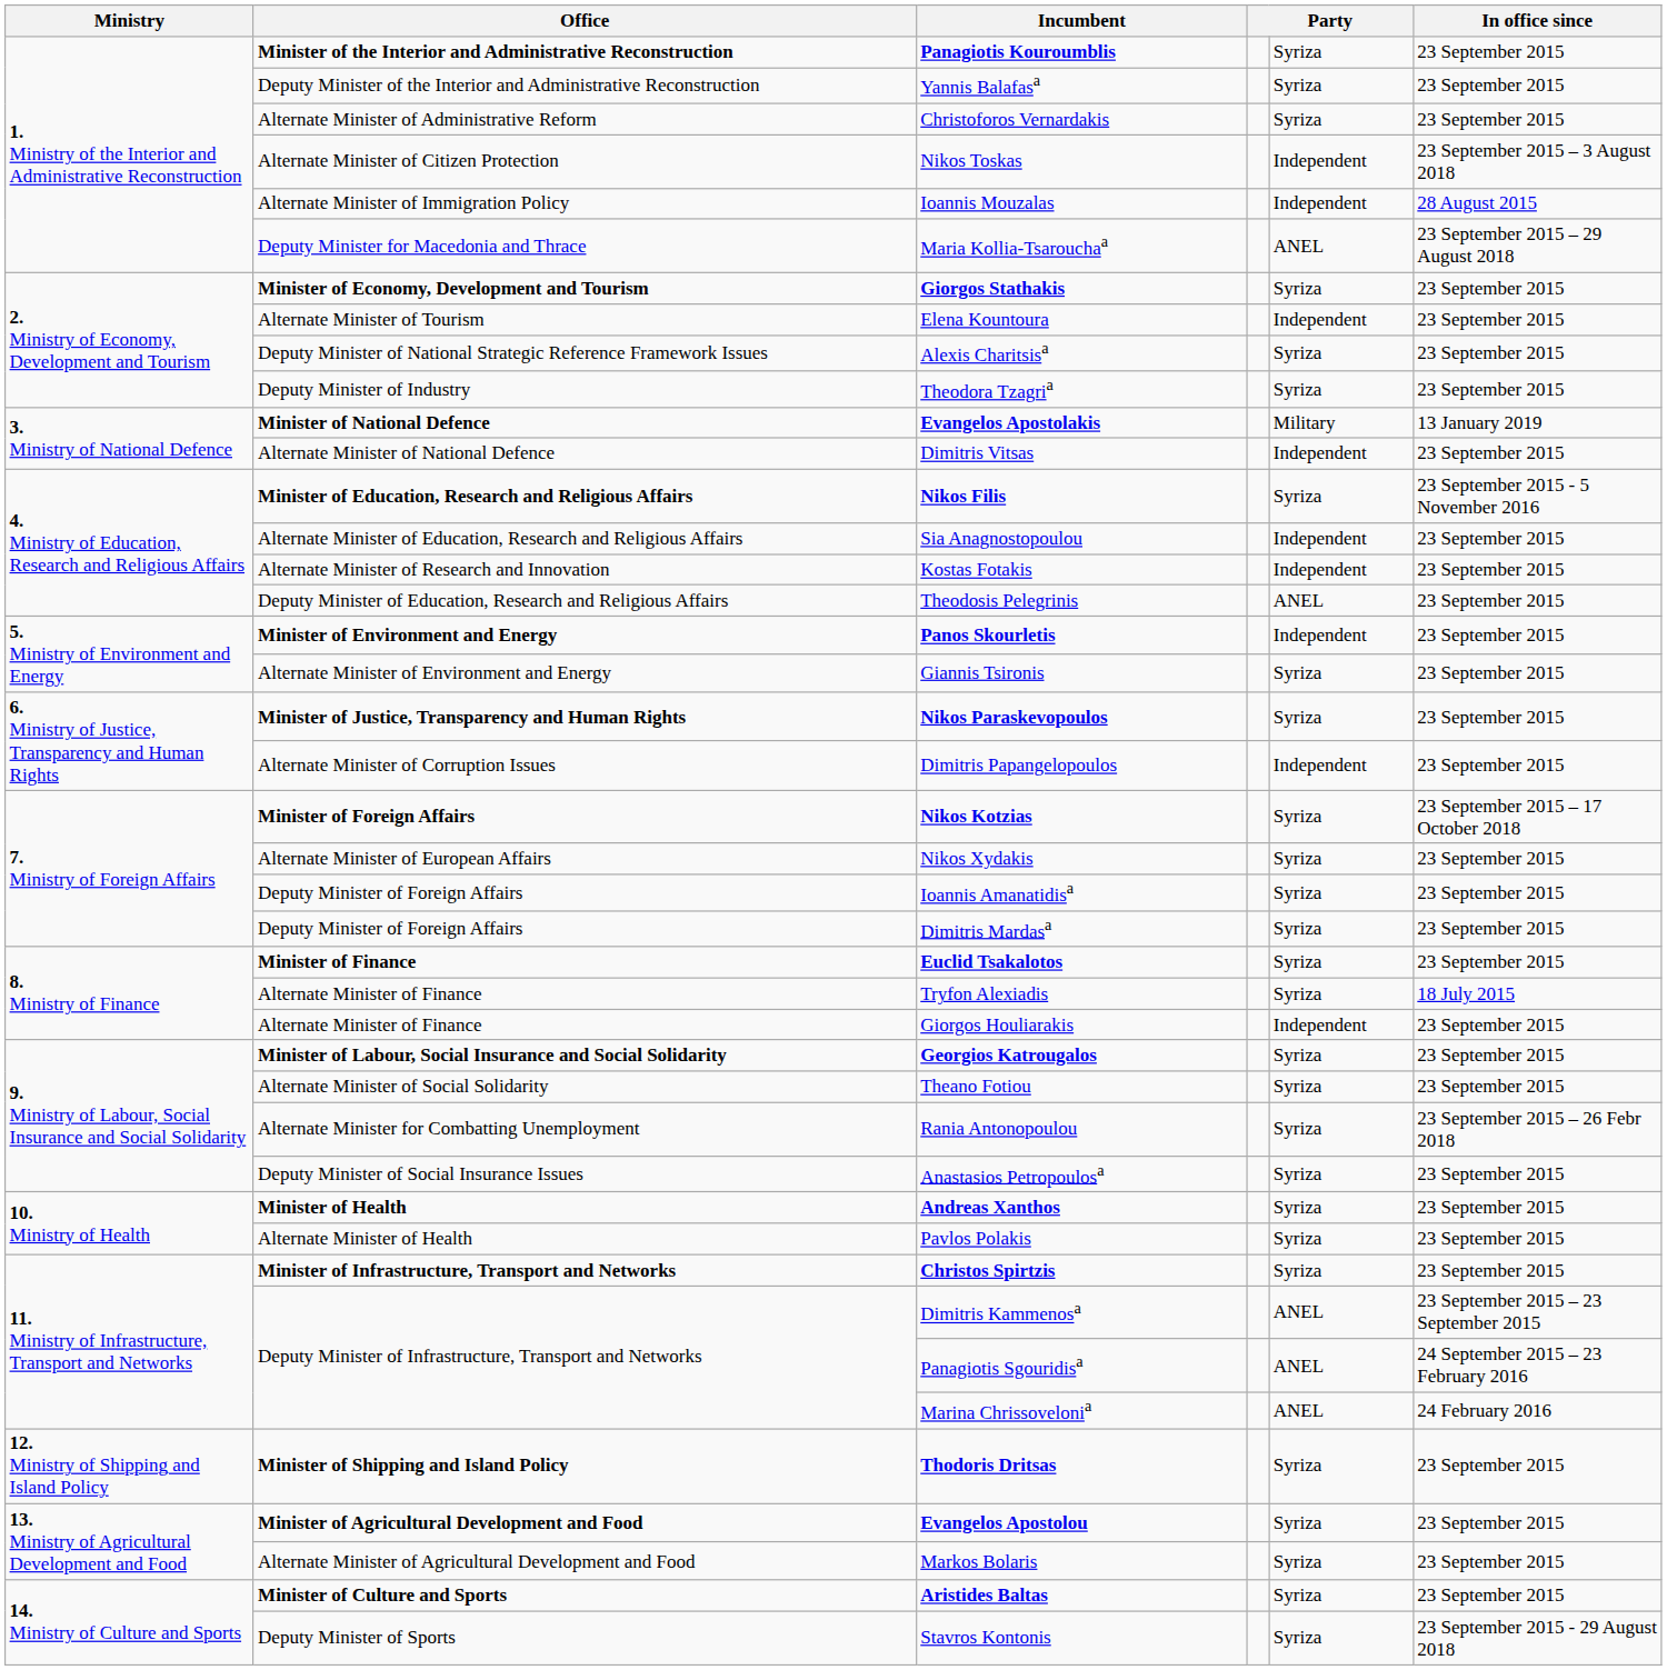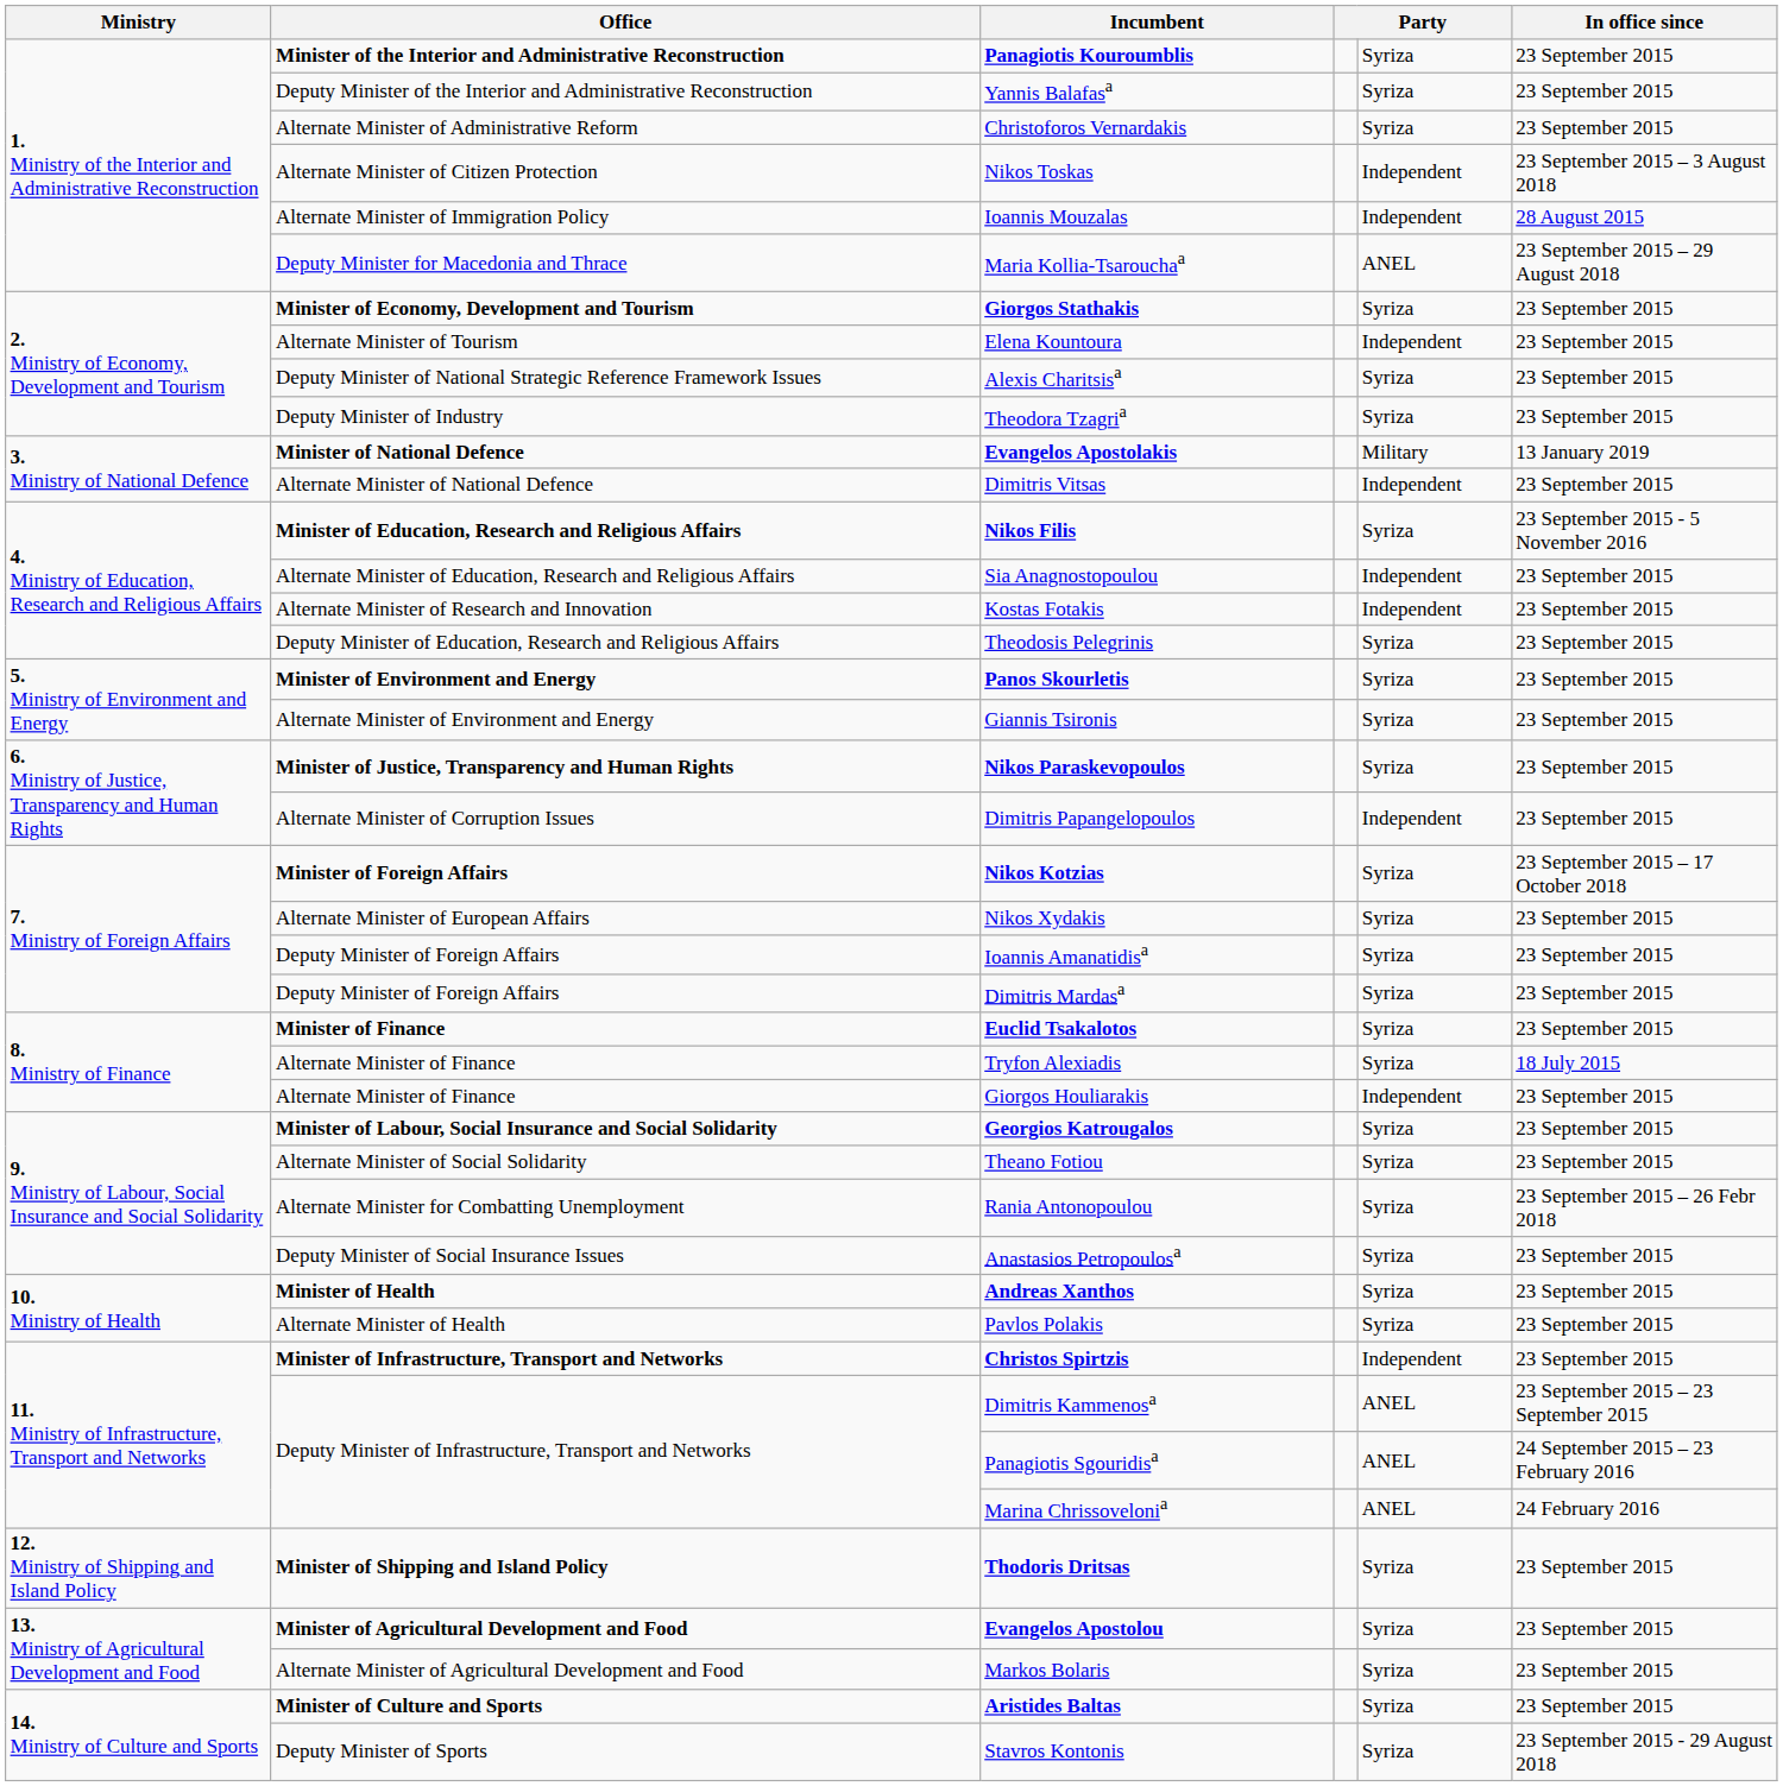 <table class="wikitable" style="width: 100%; font-size: 90%;">
 <tr>
 <th width="15%">Ministry</th>
 <th width="40%">Office</th>
 <th width="20%">Incumbent</th>
 <th width="10%" colspan="2">Party</th>
 <th width="15%">In office since</th>
 </tr>
 <tr>
 <td rowspan=6><strong>1.</strong><br><a href='#'>Ministry of the Interior and Administrative Reconstruction</a></td>
 <td><strong>Minister of the Interior and Administrative Reconstruction</strong></td>
 <td><strong><a href='#'>Panagiotis Kouroumblis</a></strong></td>
 <td width="5" style="background-color: "></td>
 <td>Syriza</td>
 <td>23 September 2015</td>
 </tr>
 <tr>
 <td>Deputy Minister of the Interior and Administrative Reconstruction</td>
 <td><a href='#'>Yannis Balafas</a><sup>a</sup></td>
 <td width="5" style="background-color: "></td>
 <td>Syriza</td>
 <td>23 September 2015</td>
 </tr>
 <tr>
 <td>Alternate Minister of Administrative Reform</td>
 <td><a href='#'>Christoforos Vernardakis</a></td>
 <td width="5" style="background-color: "></td>
 <td>Syriza</td>
 <td>23 September 2015</td>
 </tr>
 <tr>
 <td>Alternate Minister of Citizen Protection</td>
 <td><a href='#'>Nikos Toskas</a></td>
 <td width="5" style="background-color: "></td>
 <td>Independent</td>
 <td>23 September 2015 – 3 August 2018</td>
 </tr>
 <tr>
 <td>Alternate Minister of Immigration Policy</td>
 <td><a href='#'>Ioannis Mouzalas</a></td>
 <td width="5" style="background-color: "></td>
 <td>Independent</td>
 <td><a href='#'>28 August 2015</a></td>
 </tr>
 <tr>
 <td><a href='#'>Deputy Minister for Macedonia and Thrace</a></td>
 <td><a href='#'>Maria Kollia-Tsaroucha</a><sup>a</sup></td>
 <td width="5" style="background-color: "></td>
 <td>ANEL</td>
 <td>23 September 2015 – 29 August 2018</td>
 </tr>
 <tr>
 <td rowspan=4><strong>2.</strong><br><a href='#'>Ministry of Economy, Development and Tourism</a></td>
 <td><strong>Minister of Economy, Development and Tourism</strong></td>
 <td><strong><a href='#'>Giorgos Stathakis</a></strong></td>
 <td width="5" style="background-color: "></td>
 <td>Syriza</td>
 <td>23 September 2015</td>
 </tr>
 <tr>
 <td>Alternate Minister of Tourism</td>
 <td><a href='#'>Elena Kountoura</a></td>
 <td width="5" style="background-color: "></td>
 <td>Independent</td>
 <td>23 September 2015</td>
 </tr>
 <tr>
 <td>Deputy Minister of National Strategic Reference Framework Issues</td>
 <td><a href='#'>Alexis Charitsis</a><sup>a</sup></td>
 <td width="5" style="background-color: "></td>
 <td>Syriza</td>
 <td>23 September 2015</td>
 </tr>
 <tr>
 <td>Deputy Minister of Industry</td>
 <td><a href='#'>Theodora Tzagri</a><sup>a</sup></td>
 <td width="5" style="background-color: "></td>
 <td>Syriza</td>
 <td>23 September 2015</td>
 </tr>
 <tr>
 <td rowspan=2><strong>3.</strong><br><a href='#'>Ministry of National Defence</a></td>
 <td><strong>Minister of National Defence</strong></td>
 <td><strong><a href='#'>Evangelos Apostolakis</a></strong></td>
 <td width="5" style="background-color: "></td>
 <td>Military</td>
 <td>13 January 2019</td>
 </tr>
 <tr>
 <td>Alternate Minister of National Defence</td>
 <td><a href='#'>Dimitris Vitsas</a></td>
 <td width="5" style="background-color: "></td>
 <td>Independent</td>
 <td>23 September 2015</td>
 </tr>
 <tr>
 <td rowspan=4><strong>4.</strong><br><a href='#'>Ministry of Education, Research and Religious Affairs</a></td>
 <td><strong>Minister of Education, Research and Religious Affairs</strong></td>
 <td><strong><a href='#'>Nikos Filis</a></strong></td>
 <td width="5" style="background-color: "></td>
 <td>Syriza</td>
 <td>23 September 2015 - 5 November 2016</td>
 </tr>
 <tr>
 <td>Alternate Minister of Education, Research and Religious Affairs</td>
 <td><a href='#'>Sia Anagnostopoulou</a></td>
 <td width="5" style="background-color: "></td>
 <td>Independent</td>
 <td>23 September 2015</td>
 </tr>
 <tr>
 <td>Alternate Minister of Research and Innovation</td>
 <td><a href='#'>Kostas Fotakis</a></td>
 <td width="5" style="background-color: "></td>
 <td>Independent</td>
 <td>23 September 2015</td>
 </tr>
 <tr>
 <td>Deputy Minister of Education, Research and Religious Affairs</td>
 <td><a href='#'>Theodosis Pelegrinis</a></td>
 <td width="5" style="background-color: "></td>
-<td>ANEL</td>
+<td>Syriza</td>
 <td>23 September 2015</td>
 </tr>
 <tr>
 <td rowspan=2><strong>5.</strong><br><a href='#'>Ministry of Environment and Energy</a></td>
 <td><strong>Minister of Environment and Energy</strong></td>
 <td><strong><a href='#'>Panos Skourletis</a></strong></td>
 <td width="5" style="background-color: "></td>
-<td>Independent</td>
+<td>Syriza</td>
 <td>23 September 2015</td>
 </tr>
 <tr>
 <td>Alternate Minister of Environment and Energy</td>
 <td><a href='#'>Giannis Tsironis</a></td>
 <td width="5" style="background-color: "></td>
 <td>Syriza</td>
 <td>23 September 2015</td>
 </tr>
 <tr>
 <td rowspan=2><strong>6.</strong><br><a href='#'>Ministry of Justice, Transparency and Human Rights</a></td>
 <td><strong>Minister of Justice, Transparency and Human Rights</strong></td>
 <td><strong><a href='#'>Nikos Paraskevopoulos</a></strong></td>
 <td width="5" style="background-color: "></td>
 <td>Syriza</td>
 <td>23 September 2015</td>
 </tr>
 <tr>
 <td>Alternate Minister of Corruption Issues</td>
 <td><a href='#'>Dimitris Papangelopoulos</a></td>
 <td width="5" style="background-color: "></td>
 <td>Independent</td>
 <td>23 September 2015</td>
 </tr>
 <tr>
 <td rowspan=4><strong>7.</strong><br><a href='#'>Ministry of Foreign Affairs</a></td>
 <td><strong>Minister of Foreign Affairs</strong></td>
 <td><strong><a href='#'>Nikos Kotzias</a></strong></td>
 <td width="5" style="background-color: "></td>
 <td>Syriza</td>
 <td>23 September 2015 – 17 October 2018</td>
 </tr>
 <tr>
 <td>Alternate Minister of European Affairs</td>
 <td><a href='#'>Nikos Xydakis</a></td>
 <td width="5" style="background-color: "></td>
 <td>Syriza</td>
 <td>23 September 2015</td>
 </tr>
 <tr 5 November 2016>
 <td>Deputy Minister of Foreign Affairs</td>
 <td><a href='#'>Ioannis Amanatidis</a><sup>a</sup></td>
 <td width="5" style="background-color: "></td>
 <td>Syriza</td>
 <td>23 September 2015</td>
 </tr>
 <tr>
 <td>Deputy Minister of Foreign Affairs</td>
 <td><a href='#'>Dimitris Mardas</a><sup>a</sup></td>
 <td width="5" style="background-color: "></td>
 <td>Syriza</td>
 <td>23 September 2015</td>
 </tr>
 <tr>
 <td rowspan=3><strong>8.</strong><br><a href='#'>Ministry of Finance</a></td>
 <td><strong>Minister of Finance</strong></td>
 <td><strong><a href='#'>Euclid Tsakalotos</a></strong></td>
 <td width="5" style="background-color: "></td>
 <td>Syriza</td>
 <td>23 September 2015</td>
 </tr>
 <tr>
 <td>Alternate Minister of Finance</td>
 <td><a href='#'>Tryfon Alexiadis</a></td>
 <td width="5" style="background-color: "></td>
 <td>Syriza</td>
 <td><a href='#'>18 July 2015</a></td>
 </tr>
 <tr>
 <td>Alternate Minister of Finance</td>
 <td><a href='#'>Giorgos Houliarakis</a></td>
 <td width="5" style="background-color: "></td>
 <td>Independent</td>
 <td>23 September 2015</td>
 </tr>
 <tr>
 <td rowspan=4><strong>9.</strong><br><a href='#'>Ministry of Labour, Social Insurance and Social Solidarity</a></td>
 <td><strong>Minister of Labour, Social Insurance and Social Solidarity</strong></td>
 <td><strong><a href='#'>Georgios Katrougalos</a></strong></td>
 <td width="5" style="background-color: "></td>
 <td>Syriza</td>
 <td>23 September 2015</td>
 </tr>
 <tr>
 <td>Alternate Minister of Social Solidarity</td>
 <td><a href='#'>Theano Fotiou</a></td>
 <td width="5" style="background-color: "></td>
 <td>Syriza</td>
 <td>23 September 2015</td>
 </tr>
 <tr>
 <td>Alternate Minister for Combatting Unemployment</td>
 <td><a href='#'>Rania Antonopoulou</a></td>
 <td width="5" style="background-color: "></td>
 <td>Syriza</td>
 <td>23 September 2015 – 26 Febr 2018</td>
 </tr>
 <tr>
 <td>Deputy Minister of Social Insurance Issues</td>
 <td><a href='#'>Anastasios Petropoulos</a><sup>a</sup></td>
 <td width="5" style="background-color: "></td>
 <td>Syriza</td>
 <td>23 September 2015</td>
 </tr>
 <tr>
 <td rowspan=2><strong>10.</strong><br><a href='#'>Ministry of Health</a></td>
 <td><strong>Minister of Health</strong></td>
 <td><strong><a href='#'>Andreas Xanthos</a></strong></td>
 <td width="5" style="background-color: "></td>
 <td>Syriza</td>
 <td>23 September 2015</td>
 </tr>
 <tr>
 <td>Alternate Minister of Health</td>
 <td><a href='#'>Pavlos Polakis</a></td>
 <td width="5" style="background-color: "></td>
 <td>Syriza</td>
 <td>23 September 2015</td>
 </tr>
 <tr>
 <td rowspan=4><strong>11.</strong><br><a href='#'>Ministry of Infrastructure, Transport and Networks</a></td>
 <td><strong>Minister of Infrastructure, Transport and Networks</strong></td>
 <td><strong><a href='#'>Christos Spirtzis</a></strong></td>
 <td width="5" style="background-color: "></td>
-<td>Syriza</td>
+<td>Independent</td>
 <td>23 September 2015</td>
 </tr>
 <tr>
 <td rowspan=3>Deputy Minister of Infrastructure, Transport and Networks</td>
 <td><a href='#'>Dimitris Kammenos</a><sup>a</sup></td>
 <td width="5" style="background-color: "></td>
 <td>ANEL</td>
 <td>23 September 2015 – 23 September 2015</td>
 </tr>
 <tr>
 <td><a href='#'>Panagiotis Sgouridis</a><sup>a</sup></td>
 <td width="5" style="background-color: "></td>
 <td>ANEL</td>
 <td>24 September 2015 – 23 February 2016</td>
 </tr>
 <tr>
 <td><a href='#'>Marina Chrissoveloni</a><sup>a</sup></td>
 <td width="5" style="background-color: "></td>
 <td>ANEL</td>
 <td>24 February 2016</td>
 </tr>
 <tr>
 <td><strong>12.</strong><br><a href='#'>Ministry of Shipping and Island Policy</a></td>
 <td><strong>Minister of Shipping and Island Policy</strong></td>
 <td><strong><a href='#'>Thodoris Dritsas</a></strong></td>
 <td width="5" style="background-color: "></td>
 <td>Syriza</td>
 <td>23 September 2015</td>
 </tr>
 <tr>
 <td rowspan=2><strong>13.</strong><br><a href='#'>Ministry of Agricultural Development and Food</a></td>
 <td><strong>Minister of Agricultural Development and Food</strong></td>
 <td><strong><a href='#'>Evangelos Apostolou</a></strong></td>
 <td width="5" style="background-color: "></td>
 <td>Syriza</td>
 <td>23 September 2015</td>
 </tr>
 <tr>
 <td>Alternate Minister of Agricultural Development and Food</td>
 <td><a href='#'>Markos Bolaris</a></td>
 <td width="5" style="background-color: "></td>
 <td>Syriza</td>
 <td>23 September 2015</td>
 </tr>
 <tr>
 <td rowspan=2><strong>14.</strong><br><a href='#'>Ministry of Culture and Sports</a></td>
 <td><strong>Minister of Culture and Sports</strong></td>
 <td><strong><a href='#'>Aristides Baltas</a></strong></td>
 <td width="5" style="background-color: "></td>
 <td>Syriza</td>
 <td>23 September 2015</td>
 </tr>
 <tr>
 <td>Deputy Minister of Sports</td>
 <td><a href='#'>Stavros Kontonis</a></td>
 <td width="5" style="background-color: "></td>
 <td>Syriza</td>
 <td>23 September 2015 - 29 August 2018</td>
 </tr>
 </table>
